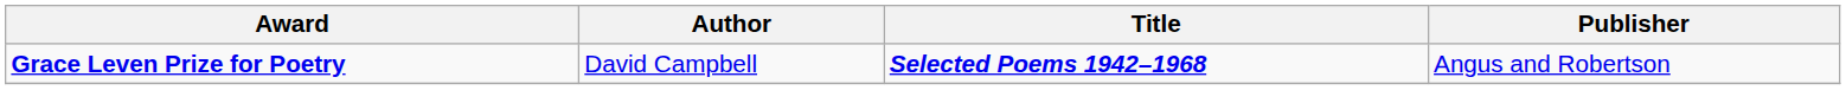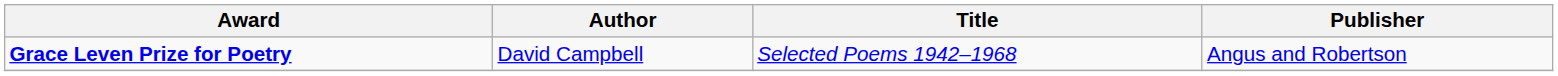 <table class="wikitable" width=95%>
 <tr>
 <th>Award</th>
 <th>Author</th>
 <th>Title</th>
 <th>Publisher</th>
 </tr>
 <tr>
 <td><strong><a href='#'>Grace Leven Prize for Poetry</a></strong></td>
 <td><a href='#'>David Campbell</a></td>
-<td><strong><em><a href='#'>Selected Poems 1942–1968</a></em></strong></td>
+<td><em><a href='#'>Selected Poems 1942–1968</a></em></td>
 <td><a href='#'>Angus and Robertson</a></td>
 </tr>
 <tr>
 </tr>
 </table>
